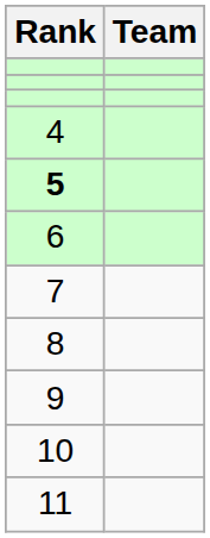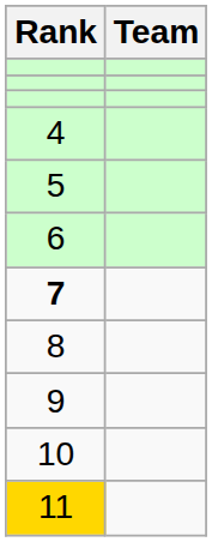 <table class="wikitable" style="text-align: center;">
 <tr>
 <th width=40>Rank</th>
 <th>Team</th>
 </tr>
 <tr bgcolor=#ccffcc>
 <td></td>
 <td style="text-align:left;"></td>
 </tr>
 <tr bgcolor=#ccffcc>
 <td></td>
 <td style="text-align:left;"></td>
 </tr>
 <tr bgcolor=#ccffcc>
 <td></td>
 <td style="text-align:left;"></td>
 </tr>
 <tr bgcolor=#ccffcc>
 <td>4</td>
 <td style="text-align:left;"></td>
 </tr>
 <tr bgcolor=#ccffcc>
-<td><strong>5</strong></td>
+<td>5</td>
 <td style="text-align:left;"></td>
 </tr>
 <tr bgcolor=#ccffcc>
 <td>6</td>
 <td style="text-align:left;"></td>
 </tr>
 <tr>
-<td>7</td>
+<td><strong>7</strong></td>
 <td style="text-align:left;"></td>
 </tr>
 <tr>
 <td>8</td>
 <td style="text-align:left;"></td>
 </tr>
 <tr>
 <td>9</td>
 <td style="text-align:left;"></td>
 </tr>
 <tr>
 <td>10</td>
 <td style="text-align:left;"></td>
 </tr>
 <tr>
-<td>11</td>
+<td style="background: gold;">11</td>
 <td style="text-align:left;"></td>
 </tr>
 </table>
